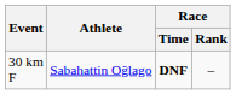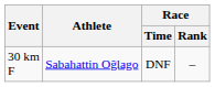 <table class="wikitable" border="1" style="font-size:90%">
 <tr>
 <th rowspan=2>Event</th>
 <th rowspan=2>Athlete</th>
 <th colspan=2>Race</th>
 </tr>
 <tr>
 <th>Time</th>
 <th>Rank</th>
 </tr>
 <tr>
 <td>30 km <br> F</td>
 <td><a href='#'>Sabahattin Oğlago</a></td>
-<td align=center><strong>DNF</strong></td>
+<td align=center>DNF</td>
 <td align=center>–</td>
 </tr>
 </table>
